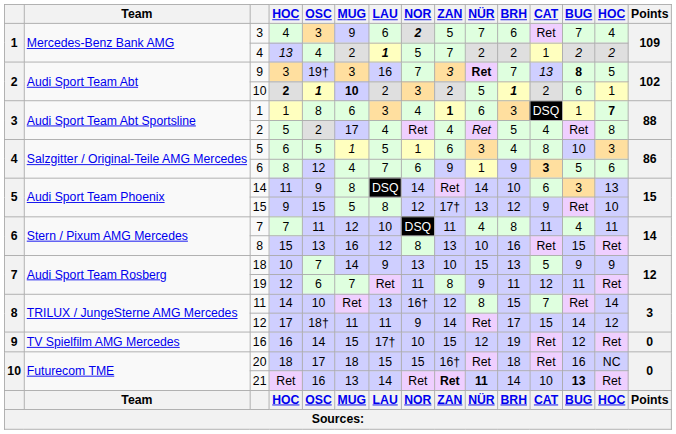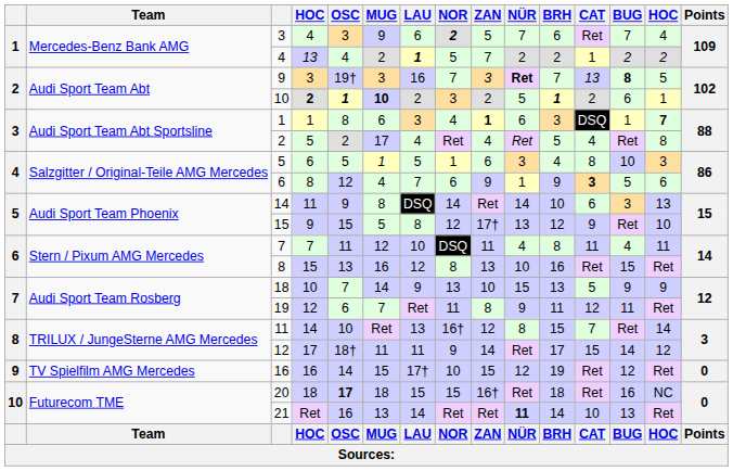 <table class="wikitable" style="font-size:85%; text-align:center">
 <tr style="background:#f9f9f9" valign="top">
 <th valign="middle"></th>
 <th valign="middle">Team</th>
 <th valign="middle"></th>
 <th><a href='#'>HOC</a><br></th>
 <th><a href='#'>OSC</a><br></th>
 <th><a href='#'>MUG</a><br></th>
 <th><a href='#'>LAU</a><br></th>
 <th><a href='#'>NOR</a><br></th>
 <th><a href='#'>ZAN</a><br></th>
 <th><a href='#'>NÜR</a><br></th>
 <th><a href='#'>BRH</a><br></th>
 <th><a href='#'>CAT</a><br></th>
 <th><a href='#'>BUG</a><br></th>
 <th><a href='#'>HOC</a><br></th>
 <th valign="middle">Points</th>
 </tr>
 <tr>
 <th rowspan=2>1</th>
 <td align="left" rowspan=2><a href='#'>Mercedes-Benz Bank AMG</a></td>
 <td align="center">3</td>
 <td style="background:#dfffdf;">4</td>
 <td style="background:#ffdf9f;">3</td>
 <td style="background:#cfcfff;">9</td>
 <td style="background:#dfffdf;">6</td>
 <td style="background:#dfdfdf;"><strong><em>2</em></strong></td>
 <td style="background:#dfffdf;">5</td>
 <td style="background:#dfffdf;">7</td>
 <td style="background:#dfffdf;">6</td>
 <td style="background:#efcfff;">Ret</td>
 <td style="background:#dfffdf;">7</td>
 <td style="background:#dfffdf;">4</td>
 <th rowspan=2>109</th>
 </tr>
 <tr>
 <td align="center">4</td>
 <td style="background:#cfcfff;"><em>13</em></td>
 <td style="background:#dfffdf;">4</td>
 <td style="background:#dfdfdf;">2</td>
 <td style="background:#ffffbf;"><strong><em>1</em></strong></td>
 <td style="background:#dfffdf;">5</td>
 <td style="background:#dfffdf;">7</td>
 <td style="background:#dfdfdf;">2</td>
 <td style="background:#dfdfdf;">2</td>
 <td style="background:#ffffbf;">1</td>
 <td style="background:#dfdfdf;"><em>2</em></td>
 <td style="background:#dfdfdf;"><em>2</em></td>
 </tr>
 <tr>
 <th rowspan=2>2</th>
 <td align="left" rowspan=2><a href='#'>Audi Sport Team Abt</a></td>
 <td align="center">9</td>
 <td style="background:#ffdf9f;">3</td>
 <td style="background:#cfcfff;">19†</td>
 <td style="background:#ffdf9f;">3</td>
 <td style="background:#cfcfff;">16</td>
 <td style="background:#dfffdf;">7</td>
 <td style="background:#ffdf9f;"><em>3</em></td>
 <td style="background:#efcfff;"><strong>Ret</strong></td>
 <td style="background:#dfffdf;">7</td>
 <td style="background:#cfcfff;"><em>13</em></td>
 <td style="background:#dfffdf;"><strong>8</strong></td>
 <td style="background:#dfffdf;">5</td>
 <th rowspan=2>102</th>
 </tr>
 <tr>
 <td align="center">10</td>
 <td style="background:#dfdfdf;"><strong>2</strong></td>
 <td style="background:#ffffbf;"><strong><em>1</em></strong></td>
 <td style="background:#cfcfff;"><strong>10</strong></td>
 <td style="background:#dfdfdf;">2</td>
 <td style="background:#ffdf9f;">3</td>
 <td style="background:#dfdfdf;">2</td>
 <td style="background:#dfffdf;">5</td>
 <td style="background:#ffffbf;"><strong><em>1</em></strong></td>
 <td style="background:#dfdfdf;">2</td>
 <td style="background:#dfffdf;">6</td>
 <td style="background:#ffffbf;">1</td>
 </tr>
 <tr>
 <th rowspan=2>3</th>
 <td align="left" rowspan=2><a href='#'>Audi Sport Team Abt Sportsline</a></td>
 <td align="center">1</td>
 <td style="background:#ffffbf;">1</td>
 <td style="background:#dfffdf;">8</td>
 <td style="background:#dfffdf;">6</td>
 <td style="background:#ffdf9f;">3</td>
 <td style="background:#dfffdf;">4</td>
 <td style="background:#ffffbf;"><strong>1</strong></td>
 <td style="background:#dfffdf;">6</td>
 <td style="background:#ffdf9f;">3</td>
 <td style="background:#000000; color:white;">DSQ</td>
 <td style="background:#ffffbf;">1</td>
 <td style="background:#dfffdf;"><strong>7</strong></td>
 <th rowspan=2>88</th>
 </tr>
 <tr>
 <td align="center">2</td>
 <td style="background:#dfffdf;">5</td>
 <td style="background:#dfdfdf;">2</td>
 <td style="background:#cfcfff;">17</td>
 <td style="background:#dfffdf;">4</td>
 <td style="background:#efcfff;">Ret</td>
 <td style="background:#dfffdf;">4</td>
 <td style="background:#efcfff;"><em>Ret</em></td>
 <td style="background:#dfffdf;">5</td>
 <td style="background:#dfffdf;">4</td>
 <td style="background:#efcfff;">Ret</td>
 <td style="background:#dfffdf;">8</td>
 </tr>
 <tr>
 <th rowspan=2>4</th>
 <td align="left" rowspan=2><a href='#'>Salzgitter / Original-Teile AMG Mercedes</a></td>
 <td align="center">5</td>
 <td style="background:#dfffdf;">6</td>
 <td style="background:#dfffdf;">5</td>
 <td style="background:#ffffbf;"><em>1</em></td>
 <td style="background:#dfffdf;">5</td>
 <td style="background:#ffffbf;">1</td>
 <td style="background:#dfffdf;">6</td>
 <td style="background:#ffdf9f;">3</td>
 <td style="background:#dfffdf;">4</td>
 <td style="background:#dfffdf;">8</td>
 <td style="background:#cfcfff;">10</td>
 <td style="background:#ffdf9f;">3</td>
 <th rowspan=2>86</th>
 </tr>
 <tr>
 <td align="center">6</td>
 <td style="background:#dfffdf;">8</td>
 <td style="background:#cfcfff;">12</td>
 <td style="background:#dfffdf;">4</td>
 <td style="background:#dfffdf;">7</td>
 <td style="background:#dfffdf;">6</td>
 <td style="background:#cfcfff;">9</td>
 <td style="background:#ffffbf;">1</td>
 <td style="background:#cfcfff;">9</td>
 <td style="background:#ffdf9f;"><strong>3</strong></td>
 <td style="background:#dfffdf;">5</td>
 <td style="background:#dfffdf;">6</td>
 </tr>
 <tr>
 <th rowspan=2>5</th>
 <td align="left" rowspan=2><a href='#'>Audi Sport Team Phoenix</a></td>
 <td align="center">14</td>
 <td style="background:#cfcfff;">11</td>
 <td style="background:#cfcfff;">9</td>
 <td style="background:#dfffdf;">8</td>
 <td style="background:#000000; color:white;">DSQ</td>
 <td style="background:#cfcfff;">14</td>
 <td style="background:#efcfff;">Ret</td>
 <td style="background:#cfcfff;">14</td>
 <td style="background:#cfcfff;">10</td>
 <td style="background:#dfffdf;">6</td>
 <td style="background:#ffdf9f;">3</td>
 <td style="background:#cfcfff;">13</td>
 <th rowspan=2>15</th>
 </tr>
 <tr>
 <td align="center">15</td>
 <td style="background:#cfcfff;">9</td>
 <td style="background:#cfcfff;">15</td>
 <td style="background:#dfffdf;">5</td>
 <td style="background:#dfffdf;">8</td>
 <td style="background:#cfcfff;">12</td>
 <td style="background:#cfcfff;">17†</td>
 <td style="background:#cfcfff;">13</td>
 <td style="background:#cfcfff;">12</td>
 <td style="background:#cfcfff;">9</td>
 <td style="background:#efcfff;">Ret</td>
 <td style="background:#cfcfff;">10</td>
 </tr>
 <tr>
 <th rowspan=2>6</th>
 <td align="left" rowspan=2><a href='#'>Stern / Pixum AMG Mercedes</a></td>
 <td align="center">7</td>
 <td style="background:#dfffdf;">7</td>
 <td style="background:#cfcfff;">11</td>
 <td style="background:#cfcfff;">12</td>
 <td style="background:#cfcfff;">10</td>
 <td style="background:#000000; color:white;">DSQ</td>
 <td style="background:#cfcfff;">11</td>
 <td style="background:#dfffdf;">4</td>
 <td style="background:#dfffdf;">8</td>
 <td style="background:#cfcfff;">11</td>
 <td style="background:#dfffdf;">4</td>
 <td style="background:#cfcfff;">11</td>
 <th rowspan=2>14</th>
 </tr>
 <tr>
 <td align="center">8</td>
 <td style="background:#cfcfff;">15</td>
 <td style="background:#cfcfff;">13</td>
 <td style="background:#cfcfff;">16</td>
 <td style="background:#cfcfff;">12</td>
 <td style="background:#dfffdf;">8</td>
 <td style="background:#cfcfff;">13</td>
 <td style="background:#cfcfff;">10</td>
 <td style="background:#cfcfff;">16</td>
 <td style="background:#efcfff;">Ret</td>
 <td style="background:#cfcfff;">15</td>
 <td style="background:#efcfff;">Ret</td>
 </tr>
 <tr>
 <th rowspan=2>7</th>
 <td align="left" rowspan=2><a href='#'>Audi Sport Team Rosberg</a></td>
 <td align="center">18</td>
 <td style="background:#cfcfff;">10</td>
 <td style="background:#dfffdf;">7</td>
 <td style="background:#cfcfff;">14</td>
 <td style="background:#cfcfff;">9</td>
 <td style="background:#cfcfff;">13</td>
 <td style="background:#cfcfff;">10</td>
 <td style="background:#cfcfff;">15</td>
 <td style="background:#cfcfff;">13</td>
 <td style="background:#dfffdf;">5</td>
 <td style="background:#cfcfff;">9</td>
 <td style="background:#cfcfff;">9</td>
 <th rowspan=2>12</th>
 </tr>
 <tr>
 <td align="center">19</td>
 <td style="background:#cfcfff;">12</td>
 <td style="background:#dfffdf;">6</td>
 <td style="background:#dfffdf;">7</td>
 <td style="background:#efcfff;">Ret</td>
 <td style="background:#cfcfff;">11</td>
 <td style="background:#dfffdf;">8</td>
 <td style="background:#cfcfff;">9</td>
 <td style="background:#cfcfff;">11</td>
 <td style="background:#cfcfff;">12</td>
 <td style="background:#cfcfff;">11</td>
 <td style="background:#efcfff;">Ret</td>
 </tr>
 <tr>
 <th rowspan=2>8</th>
 <td align="left" rowspan=2><a href='#'>TRILUX / JungeSterne AMG Mercedes</a></td>
 <td align="center">11</td>
 <td style="background:#cfcfff;">14</td>
 <td style="background:#cfcfff;">10</td>
 <td style="background:#efcfff;">Ret</td>
 <td style="background:#cfcfff;">13</td>
 <td style="background:#cfcfff;">16†</td>
 <td style="background:#cfcfff;">12</td>
 <td style="background:#dfffdf;">8</td>
 <td style="background:#cfcfff;">15</td>
 <td style="background:#dfffdf;">7</td>
 <td style="background:#efcfff;">Ret</td>
 <td style="background:#cfcfff;">14</td>
 <th rowspan=2>3</th>
 </tr>
 <tr>
 <td align="center">12</td>
 <td style="background:#cfcfff;">17</td>
 <td style="background:#cfcfff;">18†</td>
 <td style="background:#cfcfff;">11</td>
 <td style="background:#cfcfff;">11</td>
 <td style="background:#cfcfff;">9</td>
 <td style="background:#cfcfff;">14</td>
 <td style="background:#efcfff;">Ret</td>
 <td style="background:#cfcfff;">17</td>
 <td style="background:#cfcfff;">15</td>
 <td style="background:#cfcfff;">14</td>
 <td style="background:#cfcfff;">12</td>
 </tr>
 <tr>
 <th>9</th>
 <td align=left><a href='#'>TV Spielfilm AMG Mercedes</a></td>
 <td align="center">16</td>
 <td style="background:#cfcfff;">16</td>
 <td style="background:#cfcfff;">14</td>
 <td style="background:#cfcfff;">15</td>
 <td style="background:#cfcfff;">17†</td>
 <td style="background:#cfcfff;">10</td>
 <td style="background:#cfcfff;">15</td>
 <td style="background:#cfcfff;">12</td>
 <td style="background:#cfcfff;">19</td>
 <td style="background:#efcfff;">Ret</td>
 <td style="background:#cfcfff;">12</td>
 <td style="background:#efcfff;">Ret</td>
 <th>0</th>
 </tr>
 <tr>
 <th rowspan=2>10</th>
 <td align="left" rowspan=2><a href='#'>Futurecom TME</a></td>
 <td align="center">20</td>
 <td style="background:#cfcfff;">18</td>
-<td style="background:#cfcfff;">17</td>
+<td style="background:#cfcfff;"><strong>17</strong></td>
 <td style="background:#cfcfff;">18</td>
 <td style="background:#cfcfff;">15</td>
 <td style="background:#cfcfff;">15</td>
 <td style="background:#cfcfff;">16†</td>
 <td style="background:#efcfff;">Ret</td>
 <td style="background:#cfcfff;">18</td>
 <td style="background:#efcfff;">Ret</td>
 <td style="background:#cfcfff;">16</td>
 <td style="background:#cfcfff;">NC</td>
 <th rowspan=2>0</th>
 </tr>
 <tr>
 <td align="center">21</td>
 <td style="background:#efcfff;">Ret</td>
 <td style="background:#cfcfff;">16</td>
 <td style="background:#cfcfff;">13</td>
 <td style="background:#cfcfff;">14</td>
 <td style="background:#efcfff;">Ret</td>
-<td style="background:#efcfff;"><strong>Ret</strong></td>
+<td style="background:#efcfff;">Ret</td>
 <td style="background:#cfcfff;"><strong>11</strong></td>
 <td style="background:#cfcfff;">14</td>
 <td style="background:#cfcfff;">10</td>
-<td style="background:#cfcfff;"><strong>13</strong></td>
+<td style="background:#cfcfff;">13</td>
 <td style="background:#efcfff;">Ret</td>
 </tr>
 <tr>
 <th valign="middle"></th>
 <th valign="middle">Team</th>
 <th valign="middle"></th>
 <th><a href='#'>HOC</a><br></th>
 <th><a href='#'>OSC</a><br></th>
 <th><a href='#'>MUG</a><br></th>
 <th><a href='#'>LAU</a><br></th>
 <th><a href='#'>NOR</a><br></th>
 <th><a href='#'>ZAN</a><br></th>
 <th><a href='#'>NÜR</a><br></th>
 <th><a href='#'>BRH</a><br></th>
 <th><a href='#'>CAT</a><br></th>
 <th><a href='#'>BUG</a><br></th>
 <th><a href='#'>HOC</a><br></th>
 <th valign="middle">Points</th>
 </tr>
 <tr>
 <th colspan="15">Sources:</th>
 </tr>
 </table>
